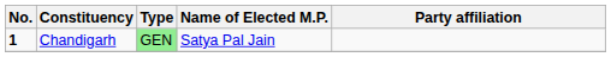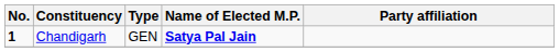 <table class="wikitable" style="font-size:95%;">
 <tr>
 <th>No.</th>
 <th>Constituency</th>
 <th>Type</th>
 <th>Name of Elected M.P.</th>
 <th colspan="2" style="width:18em">Party affiliation</th>
 </tr>
 <tr>
 <td><strong>1</strong></td>
 <td><a href='#'>Chandigarh</a></td>
-<td style="background: lightgreen;">GEN</td>
-<td><a href='#'>Satya Pal Jain</a></td>
+<td>GEN</td>
+<td><strong><a href='#'>Satya Pal Jain</a></strong></td>
 <td></td>
 </tr>
 <tr>
 </tr>
 </table>
